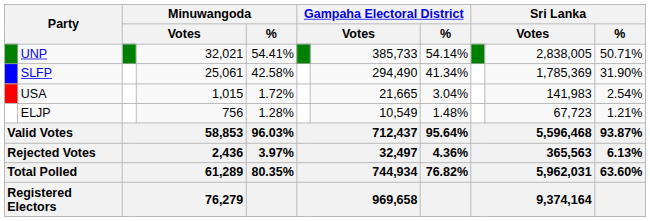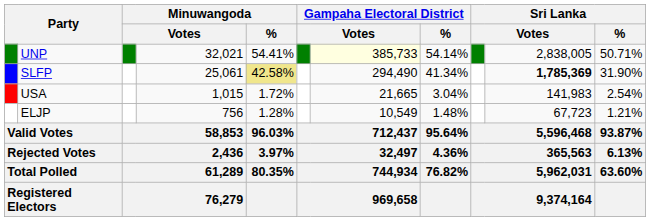 <table class="wikitable">
 <tr>
 <th colspan="2" width="144px"rowspan="2">Party</th>
 <th colspan="3" width="216px">Minuwangoda</th>
 <th colspan="3" width="216px"><a href='#'>Gampaha Electoral District</a></th>
 <th colspan="3" width="216px">Sri Lanka</th>
 </tr>
 <tr>
 <th colspan="2" width="144px">Votes</th>
 <th>%</th>
 <th colspan="2" width="144px">Votes</th>
 <th>%</th>
 <th colspan="2" width="144px">Votes</th>
 <th>%</th>
 </tr>
 <tr>
 <td style="background-color:green;" width="10px"></td>
 <td style="text-align:left;"><a href='#'>UNP</a></td>
 <td style="background-color:green;" width="10px"></td>
 <td style="text-align:right;">32,021</td>
 <td style="text-align:right;">54.41%</td>
 <td style="background-color:green;" width="10px"></td>
-<td style="text-align:right;">385,733</td>
+<td style="background: lightyellow; text-align:right;">385,733</td>
 <td style="text-align:right;">54.14%</td>
 <td style="background-color:green;" width="10px"></td>
 <td style="text-align:right;">2,838,005</td>
 <td style="text-align:right;">50.71%</td>
 </tr>
 <tr>
 <td style="background-color:blue;" width="10px"></td>
 <td style="text-align:left;"><a href='#'>SLFP</a></td>
 <td style="background-color:white;" width="10px"></td>
 <td style="text-align:right;">25,061</td>
-<td style="text-align:right;">42.58%</td>
+<td style="background: khaki; text-align:right;">42.58%</td>
 <td style="background-color:white;" width="10px"></td>
 <td style="text-align:right;">294,490</td>
 <td style="text-align:right;">41.34%</td>
 <td style="background-color:white;" width="10px"></td>
-<td style="text-align:right;">1,785,369</td>
+<td style="text-align:right;"><strong>1,785,369</strong></td>
 <td style="text-align:right;">31.90%</td>
 </tr>
 <tr>
 <td style="background-color:red;" width="10px"></td>
 <td style="text-align:left;">USA</td>
 <td style="background-color:white;" width="10px"></td>
 <td style="text-align:right;">1,015</td>
 <td style="text-align:right;">1.72%</td>
 <td style="background-color:white;" width="10px"></td>
 <td style="text-align:right;">21,665</td>
 <td style="text-align:right;">3.04%</td>
 <td style="background-color:white;" width="10px"></td>
 <td style="text-align:right;">141,983</td>
 <td style="text-align:right;">2.54%</td>
 </tr>
 <tr>
 <td style="background-color:white;" width="10px"></td>
 <td style="text-align:left;">ELJP</td>
 <td style="background-color:white;" width="10px"></td>
 <td style="text-align:right;">756</td>
 <td style="text-align:right;">1.28%</td>
 <td style="background-color:white;" width="10px"></td>
 <td style="text-align:right;">10,549</td>
 <td style="text-align:right;">1.48%</td>
 <td style="background-color:white;" width="10px"></td>
 <td style="text-align:right;">67,723</td>
 <td style="text-align:right;">1.21%</td>
 </tr>
 <tr>
 <th colspan="2" width="144px"style="text-align:left;">Valid Votes</th>
 <th style="text-align:right;"colspan="2" width="144px">58,853</th>
 <th style="text-align:right;">96.03%</th>
 <th style="text-align:right;"colspan="2" width="144px">712,437</th>
 <th style="text-align:right;">95.64%</th>
 <th style="text-align:right;"colspan="2" width="144px">5,596,468</th>
 <th style="text-align:right;">93.87%</th>
 </tr>
 <tr>
 <th colspan="2" width="144px"style="text-align:left;">Rejected Votes</th>
 <th style="text-align:right;"colspan="2" width="144px">2,436</th>
 <th style="text-align:right;">3.97%</th>
 <th style="text-align:right;"colspan="2" width="144px">32,497</th>
 <th style="text-align:right;">4.36%</th>
 <th style="text-align:right;"colspan="2" width="144px">365,563</th>
 <th style="text-align:right;">6.13%</th>
 </tr>
 <tr>
 <th colspan="2" width="144px"style="text-align:left;">Total Polled</th>
 <th style="text-align:right;"colspan="2" width="144px">61,289</th>
 <th style="text-align:right;">80.35%</th>
 <th style="text-align:right;"colspan="2" width="144px">744,934</th>
 <th style="text-align:right;">76.82%</th>
 <th style="text-align:right;"colspan="2" width="144px">5,962,031</th>
 <th style="text-align:right;">63.60%</th>
 </tr>
 <tr>
 <th colspan="2" width="144px"style="text-align:left;">Registered Electors</th>
 <th style="text-align:right;"colspan="2" width="144px">76,279</th>
 <th></th>
 <th style="text-align:right;"colspan="2" width="144px">969,658</th>
 <th></th>
 <th style="text-align:right;"colspan="2" width="144px">9,374,164</th>
 <th></th>
 </tr>
 </table>
